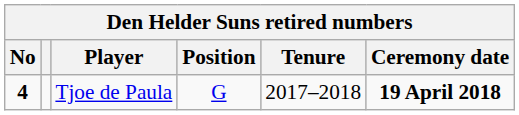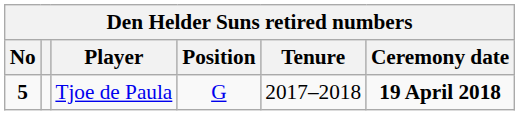 <table class="wikitable" style="font-size: 95%; text-align:center;">
 <tr>
 <th colspan=6>Den Helder Suns retired numbers</th>
 </tr>
 <tr>
 <th>No</th>
 <th></th>
 <th>Player</th>
 <th>Position</th>
 <th>Tenure</th>
 <th>Ceremony date</th>
 </tr>
 <tr>
-<td><strong>4</strong></td>
+<td><strong>5</strong></td>
 <td></td>
 <td><a href='#'>Tjoe de Paula</a></td>
 <td><a href='#'>G</a></td>
 <td>2017–2018</td>
 <td><strong>19 April 2018</strong></td>
 </tr>
 </table>
